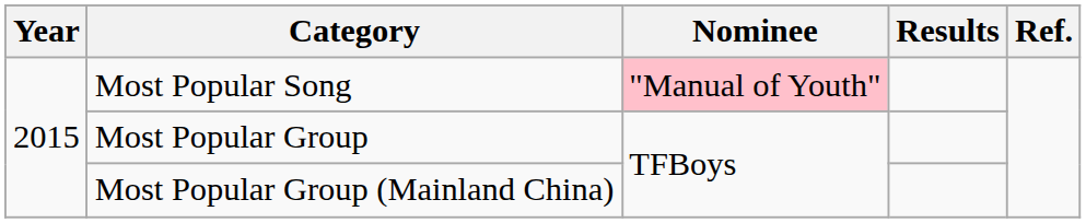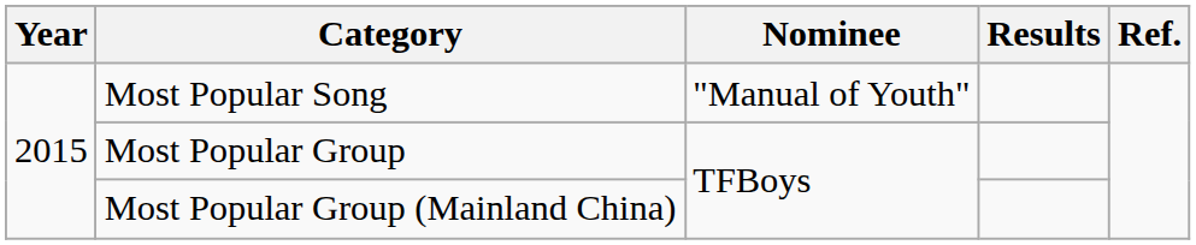 <table class="wikitable sortable">
 <tr>
 <th>Year</th>
 <th>Category</th>
 <th>Nominee</th>
 <th>Results</th>
 <th>Ref.</th>
 </tr>
 <tr>
 <td rowspan=3>2015</td>
 <td>Most Popular Song</td>
-<td style="background: pink;">"Manual of Youth"</td>
+<td>"Manual of Youth"</td>
 <td></td>
 <td rowspan=3></td>
 </tr>
 <tr>
 <td>Most Popular Group</td>
 <td rowspan=2>TFBoys</td>
 <td></td>
 </tr>
 <tr>
 <td>Most Popular Group (Mainland China)</td>
 <td></td>
 </tr>
 </table>
